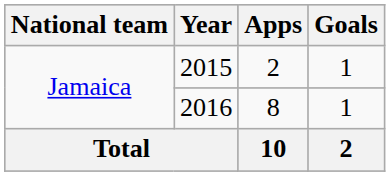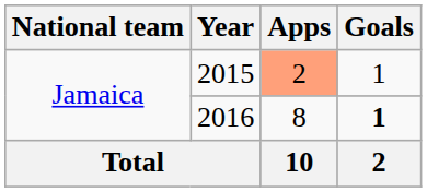 <table class="wikitable" style="text-align: center;">
 <tr>
 <th>National team</th>
 <th>Year</th>
 <th>Apps</th>
 <th>Goals</th>
 </tr>
 <tr>
 <td rowspan=2><a href='#'>Jamaica</a></td>
 <td>2015</td>
-<td>2</td>
+<td style="background: lightsalmon;">2</td>
 <td>1</td>
 </tr>
 <tr>
 <td>2016</td>
 <td>8</td>
-<td>1</td>
+<td><strong>1</strong></td>
 </tr>
 <tr>
 <th colspan=2>Total</th>
 <th>10</th>
 <th>2</th>
 </tr>
 </table>
